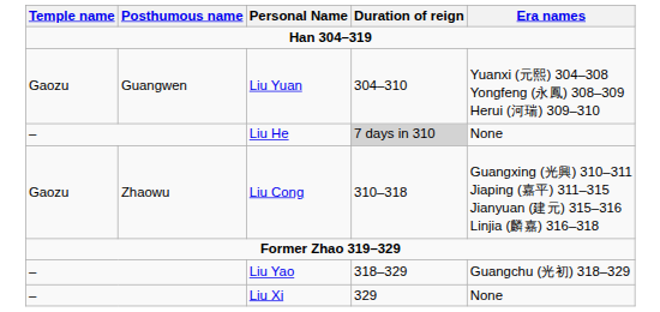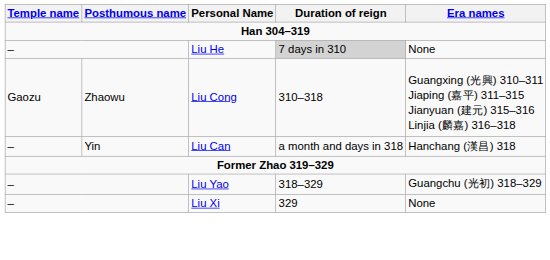 <table class="wikitable" style="margin-left: auto; margin-right: auto; border: none;">
 <tr>
 <th><a href='#'>Temple name</a></th>
 <th><a href='#'>Posthumous name</a></th>
 <th>Personal Name</th>
 <th>Duration of reign</th>
 <th><a href='#'>Era names</a></th>
 </tr>
 <tr>
 <td colspan=5 style="text-align: center"><strong>Han 304–319</strong></td>
-</tr>
-<tr>
-<td>Gaozu</td>
-<td>Guangwen</td>
-<td><a href='#'>Liu Yuan</a></td>
-<td>304–310</td>
-<td><br>Yuanxi (元熙) 304–308<br> Yongfeng (永鳳) 308–309<br> Herui    (河瑞) 309–310</td>
 </tr>
 <tr>
 <td colspan=2>–</td>
 <td><a href='#'>Liu He</a></td>
 <td style="background: lightgrey;">7 days in 310</td>
 <td>None<br></td>
 </tr>
 <tr>
 <td>Gaozu</td>
 <td>Zhaowu</td>
 <td><a href='#'>Liu Cong</a></td>
 <td>310–318</td>
 <td><br>Guangxing (光興) 310–311<br> Jiaping (嘉平)   311–315<br> Jianyuan (建元)  315–316<br> Linjia (麟嘉)    316–318<br></td>
+</tr>
+<tr>
+<td>–</td>
+<td>Yin</td>
+<td><a href='#'>Liu Can</a></td>
+<td>a month and days in 318</td>
+<td>Hanchang (漢昌) 318</td>
 </tr>
 <tr>
 <td colspan=5 style="text-align: center"><strong>Former Zhao 319–329</strong></td>
 </tr>
 <tr>
 <td colspan=2>–</td>
 <td><a href='#'>Liu Yao</a></td>
 <td>318–329</td>
 <td>Guangchu (光初)  318–329<br></td>
 </tr>
 <tr>
 <td colspan=2>–</td>
 <td><a href='#'>Liu Xi</a></td>
 <td>329</td>
 <td>None</td>
 </tr>
 </table>
